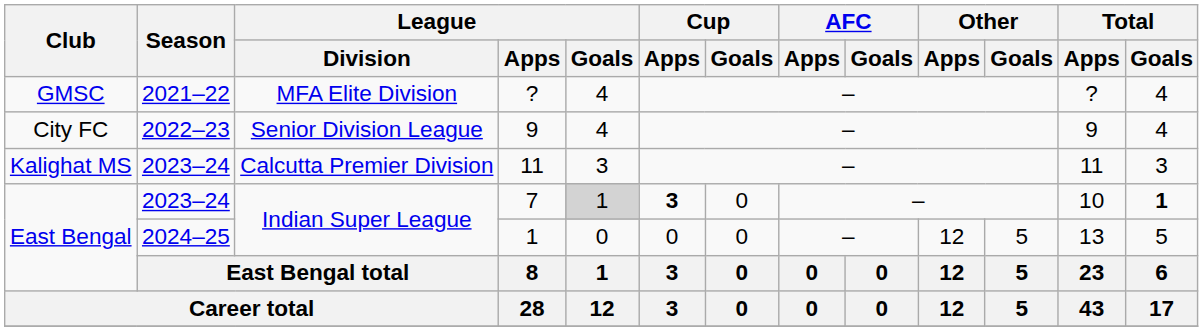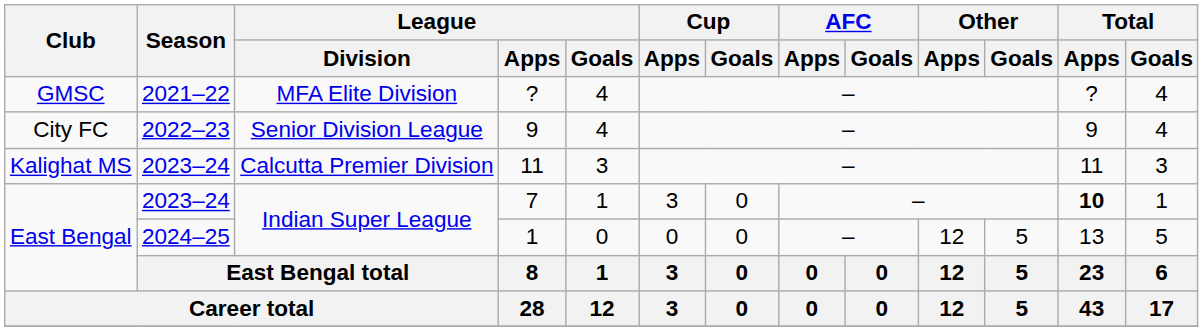 <table class="wikitable" style="text-align:center">
 <tr>
 <th rowspan="2">Club</th>
 <th rowspan="2">Season</th>
 <th colspan="3">League</th>
 <th colspan="2">Cup</th>
 <th colspan="2"><a href='#'>AFC</a></th>
 <th colspan="2">Other</th>
 <th colspan="2">Total</th>
 </tr>
 <tr>
 <th>Division</th>
 <th>Apps</th>
 <th>Goals</th>
 <th>Apps</th>
 <th>Goals</th>
 <th>Apps</th>
 <th>Goals</th>
 <th>Apps</th>
 <th>Goals</th>
 <th>Apps</th>
 <th>Goals</th>
 </tr>
 <tr>
 <td><a href='#'>GMSC</a></td>
 <td><a href='#'>2021–22</a></td>
 <td><a href='#'>MFA Elite Division</a></td>
 <td>?</td>
 <td>4</td>
 <td colspan=6>–</td>
 <td>?</td>
 <td>4</td>
 </tr>
 <tr>
 <td>City FC</td>
 <td><a href='#'>2022–23</a></td>
 <td><a href='#'>Senior Division League</a></td>
 <td>9</td>
 <td>4</td>
 <td colspan=6>–</td>
 <td>9</td>
 <td>4</td>
 </tr>
 <tr>
 <td><a href='#'>Kalighat MS</a></td>
 <td><a href='#'>2023–24</a></td>
 <td><a href='#'>Calcutta Premier Division</a></td>
 <td>11</td>
 <td>3</td>
 <td colspan=6>–</td>
 <td>11</td>
 <td>3</td>
 </tr>
 <tr>
 <td rowspan=3><a href='#'>East Bengal</a></td>
 <td><a href='#'>2023–24</a></td>
 <td rowspan=2><a href='#'>Indian Super League</a></td>
 <td>7</td>
-<td style="background: lightgrey;">1</td>
-<td><strong>3</strong></td>
+<td>1</td>
+<td>3</td>
 <td>0</td>
 <td colspan=4>–</td>
-<td>10</td>
-<td><strong>1</strong></td>
+<td><strong>10</strong></td>
+<td>1</td>
 </tr>
 <tr>
 <td><a href='#'>2024–25</a></td>
 <td>1</td>
 <td>0</td>
 <td>0</td>
 <td>0</td>
 <td colspan=2>–</td>
 <td>12</td>
 <td>5</td>
 <td>13</td>
 <td>5</td>
 </tr>
 <tr>
 <th colspan=2><strong>East Bengal total</strong></th>
 <th>8</th>
 <th>1</th>
 <th>3</th>
 <th>0</th>
 <th>0</th>
 <th>0</th>
 <th>12</th>
 <th>5</th>
 <th>23</th>
 <th>6</th>
 </tr>
 <tr>
 <th colspan=3><strong>Career total</strong></th>
 <th>28</th>
 <th>12</th>
 <th>3</th>
 <th>0</th>
 <th>0</th>
 <th>0</th>
 <th>12</th>
 <th>5</th>
 <th>43</th>
 <th>17</th>
 </tr>
 <tr>
 </tr>
 </table>
